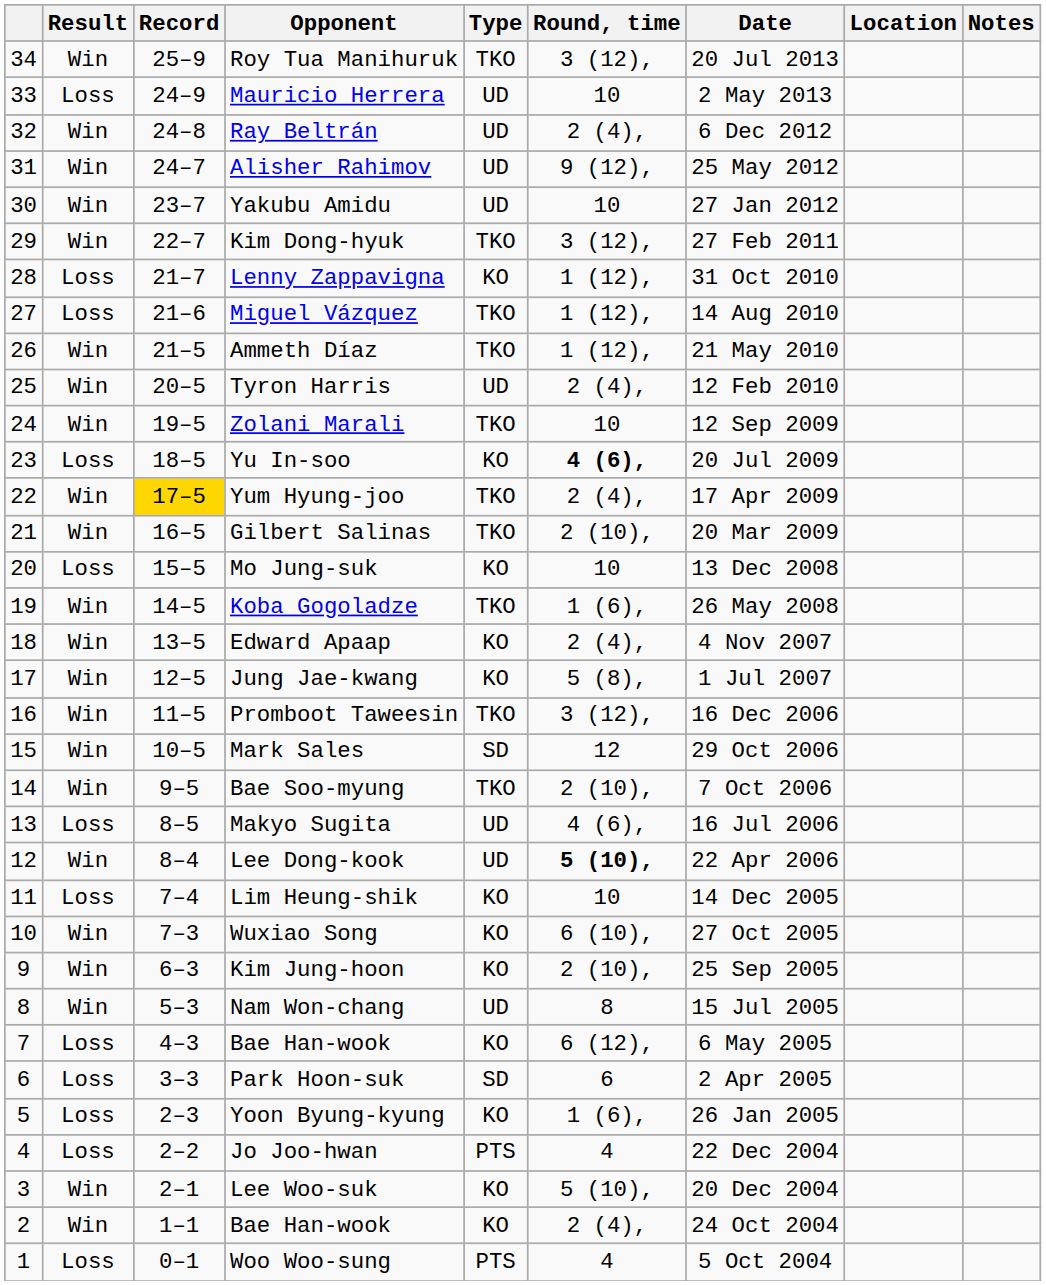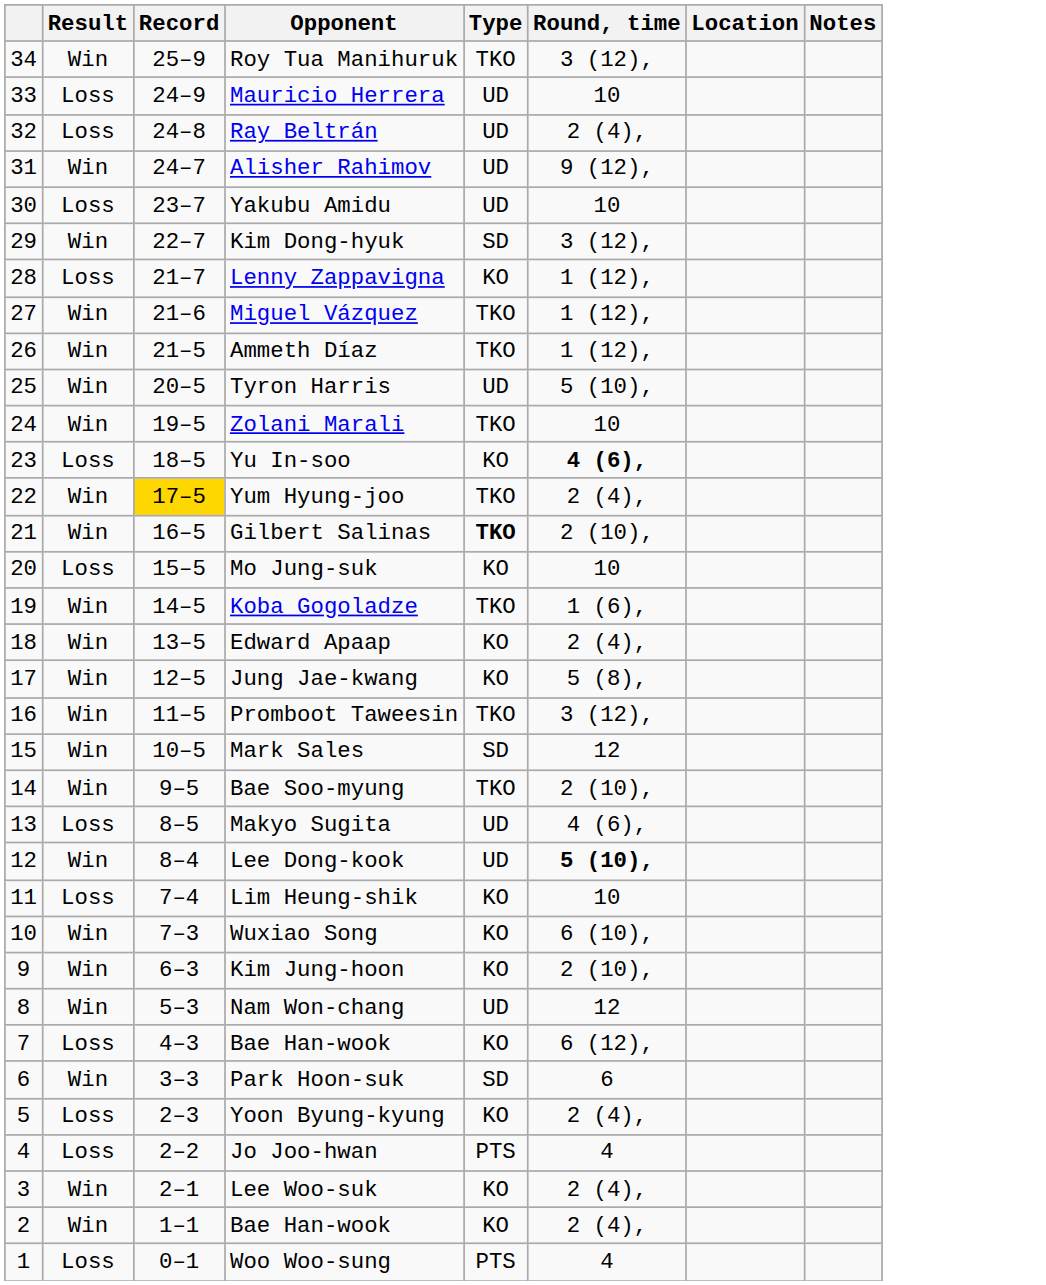 <table class="wikitable" style="text-align:center">
 <tr>
 <th></th>
 <th>Result</th>
 <th>Record</th>
 <th>Opponent</th>
 <th>Type</th>
 <th>Round, time</th>
-<th>Date</th>
 <th>Location</th>
 <th>Notes</th>
 </tr>
 <tr>
 <td>34</td>
 <td>Win</td>
 <td>25–9</td>
 <td style="text-align:left;">Roy Tua Manihuruk</td>
 <td>TKO</td>
 <td>3 (12), </td>
-<td>20 Jul 2013</td>
 <td style="text-align:left;"></td>
 <td style="text-align:left;"></td>
 </tr>
 <tr>
 <td>33</td>
 <td>Loss</td>
 <td>24–9</td>
 <td style="text-align:left;"><a href='#'>Mauricio Herrera</a></td>
 <td>UD</td>
 <td>10</td>
-<td>2 May 2013</td>
 <td style="text-align:left;"></td>
 <td></td>
 </tr>
 <tr>
 <td>32</td>
-<td>Win</td>
+<td>Loss</td>
 <td>24–8</td>
 <td style="text-align:left;"><a href='#'>Ray Beltrán</a></td>
 <td>UD</td>
 <td>2 (4), </td>
-<td>6 Dec 2012</td>
 <td style="text-align:left;"></td>
 <td style="text-align:left;"></td>
 </tr>
 <tr>
 <td>31</td>
 <td>Win</td>
 <td>24–7</td>
 <td style="text-align:left;"><a href='#'>Alisher Rahimov</a></td>
 <td>UD</td>
 <td>9 (12), </td>
-<td>25 May 2012</td>
 <td style="text-align:left;"></td>
 <td></td>
 </tr>
 <tr>
 <td>30</td>
-<td>Win</td>
+<td>Loss</td>
 <td>23–7</td>
 <td style="text-align:left;">Yakubu Amidu</td>
 <td>UD</td>
 <td>10</td>
-<td>27 Jan 2012</td>
 <td style="text-align:left;"></td>
 <td></td>
 </tr>
 <tr>
 <td>29</td>
 <td>Win</td>
 <td>22–7</td>
 <td style="text-align:left;">Kim Dong-hyuk</td>
-<td>TKO</td>
+<td>SD</td>
 <td>3 (12), </td>
-<td>27 Feb 2011</td>
 <td style="text-align:left;"></td>
 <td style="text-align:left;"></td>
 </tr>
 <tr>
 <td>28</td>
 <td>Loss</td>
 <td>21–7</td>
 <td style="text-align:left;"><a href='#'>Lenny Zappavigna</a></td>
 <td>KO</td>
 <td>1 (12), </td>
-<td>31 Oct 2010</td>
 <td style="text-align:left;"></td>
 <td></td>
 </tr>
 <tr>
 <td>27</td>
-<td>Loss</td>
+<td>Win</td>
 <td>21–6</td>
 <td style="text-align:left;"><a href='#'>Miguel Vázquez</a></td>
 <td>TKO</td>
 <td>1 (12), </td>
-<td>14 Aug 2010</td>
 <td style="text-align:left;"></td>
 <td style="text-align:left;"></td>
 </tr>
 <tr>
 <td>26</td>
 <td>Win</td>
 <td>21–5</td>
 <td style="text-align:left;">Ammeth Díaz</td>
 <td>TKO</td>
 <td>1 (12), </td>
-<td>21 May 2010</td>
 <td style="text-align:left;"></td>
 <td></td>
 </tr>
 <tr>
 <td>25</td>
 <td>Win</td>
 <td>20–5</td>
 <td style="text-align:left;">Tyron Harris</td>
 <td>UD</td>
-<td>2 (4), </td>
-<td>12 Feb 2010</td>
+<td>5 (10), </td>
 <td style="text-align:left;"></td>
 <td></td>
 </tr>
 <tr>
 <td>24</td>
 <td>Win</td>
 <td>19–5</td>
 <td style="text-align:left;"><a href='#'>Zolani Marali</a></td>
 <td>TKO</td>
 <td>10</td>
-<td>12 Sep 2009</td>
 <td style="text-align:left;"></td>
 <td style="text-align:left;"></td>
 </tr>
 <tr>
 <td>23</td>
 <td>Loss</td>
 <td>18–5</td>
 <td style="text-align:left;">Yu In-soo</td>
 <td>KO</td>
 <td><strong>4 (6), </strong></td>
-<td>20 Jul 2009</td>
 <td style="text-align:left;"></td>
 <td></td>
 </tr>
 <tr>
 <td>22</td>
 <td>Win</td>
 <td style="background: gold;">17–5</td>
 <td style="text-align:left;">Yum Hyung-joo</td>
 <td>TKO</td>
 <td>2 (4), </td>
-<td>17 Apr 2009</td>
 <td style="text-align:left;"></td>
 <td></td>
 </tr>
 <tr>
 <td>21</td>
 <td>Win</td>
 <td>16–5</td>
 <td style="text-align:left;">Gilbert Salinas</td>
-<td>TKO</td>
+<td><strong>TKO</strong></td>
 <td>2 (10), </td>
-<td>20 Mar 2009</td>
 <td style="text-align:left;"></td>
 <td></td>
 </tr>
 <tr>
 <td>20</td>
 <td>Loss</td>
 <td>15–5</td>
 <td style="text-align:left;">Mo Jung-suk</td>
 <td>KO</td>
 <td>10</td>
-<td>13 Dec 2008</td>
 <td style="text-align:left;"></td>
 <td></td>
 </tr>
 <tr>
 <td>19</td>
 <td>Win</td>
 <td>14–5</td>
 <td style="text-align:left;"><a href='#'>Koba Gogoladze</a></td>
 <td>TKO</td>
 <td>1 (6), </td>
-<td>26 May 2008</td>
 <td style="text-align:left;"></td>
 <td></td>
 </tr>
 <tr>
 <td>18</td>
 <td>Win</td>
 <td>13–5</td>
 <td style="text-align:left;">Edward Apaap</td>
 <td>KO</td>
 <td>2 (4), </td>
-<td>4 Nov 2007</td>
 <td style="text-align:left;"></td>
 <td style="text-align:left;"></td>
 </tr>
 <tr>
 <td>17</td>
 <td>Win</td>
 <td>12–5</td>
 <td style="text-align:left;">Jung Jae-kwang</td>
 <td>KO</td>
 <td>5 (8), </td>
-<td>1 Jul 2007</td>
 <td style="text-align:left;"></td>
 <td style="text-align:left;"></td>
 </tr>
 <tr>
 <td>16</td>
 <td>Win</td>
 <td>11–5</td>
 <td style="text-align:left;">Promboot Taweesin</td>
 <td>TKO</td>
 <td>3 (12), </td>
-<td>16 Dec 2006</td>
 <td style="text-align:left;"></td>
 <td style="text-align:left;"></td>
 </tr>
 <tr>
 <td>15</td>
 <td>Win</td>
 <td>10–5</td>
 <td style="text-align:left;">Mark Sales</td>
 <td>SD</td>
 <td>12</td>
-<td>29 Oct 2006</td>
 <td style="text-align:left;"></td>
 <td style="text-align:left;"></td>
 </tr>
 <tr>
 <td>14</td>
 <td>Win</td>
 <td>9–5</td>
 <td style="text-align:left;">Bae Soo-myung</td>
 <td>TKO</td>
 <td>2 (10), </td>
-<td>7 Oct 2006</td>
 <td style="text-align:left;"></td>
 <td style="text-align:left;"></td>
 </tr>
 <tr>
 <td>13</td>
 <td>Loss</td>
 <td>8–5</td>
 <td style="text-align:left;">Makyo Sugita</td>
 <td>UD</td>
 <td>4 (6), </td>
-<td>16 Jul 2006</td>
 <td style="text-align:left;"></td>
 <td></td>
 </tr>
 <tr>
 <td>12</td>
 <td>Win</td>
 <td>8–4</td>
 <td style="text-align:left;">Lee Dong-kook</td>
 <td>UD</td>
 <td><strong>5 (10), </strong></td>
-<td>22 Apr 2006</td>
 <td style="text-align:left;"></td>
 <td style="text-align:left;"></td>
 </tr>
 <tr>
 <td>11</td>
 <td>Loss</td>
 <td>7–4</td>
 <td style="text-align:left;">Lim Heung-shik</td>
 <td>KO</td>
 <td>10</td>
-<td>14 Dec 2005</td>
 <td style="text-align:left;"></td>
 <td></td>
 </tr>
 <tr>
 <td>10</td>
 <td>Win</td>
 <td>7–3</td>
 <td style="text-align:left;">Wuxiao Song</td>
 <td>KO</td>
 <td>6 (10), </td>
-<td>27 Oct 2005</td>
 <td style="text-align:left;"></td>
 <td></td>
 </tr>
 <tr>
 <td>9</td>
 <td>Win</td>
 <td>6–3</td>
 <td style="text-align:left;">Kim Jung-hoon</td>
 <td>KO</td>
 <td>2 (10), </td>
-<td>25 Sep 2005</td>
 <td style="text-align:left;"></td>
 <td style="text-align:left;"></td>
 </tr>
 <tr>
 <td>8</td>
 <td>Win</td>
 <td>5–3</td>
 <td style="text-align:left;">Nam Won-chang</td>
 <td>UD</td>
-<td>8</td>
-<td>15 Jul 2005</td>
+<td>12</td>
 <td style="text-align:left;"></td>
 <td></td>
 </tr>
 <tr>
 <td>7</td>
 <td>Loss</td>
 <td>4–3</td>
 <td style="text-align:left;">Bae Han-wook</td>
 <td>KO</td>
 <td>6 (12), </td>
-<td>6 May 2005</td>
 <td style="text-align:left;"></td>
 <td></td>
 </tr>
 <tr>
 <td>6</td>
-<td>Loss</td>
+<td>Win</td>
 <td>3–3</td>
 <td style="text-align:left;">Park Hoon-suk</td>
 <td>SD</td>
 <td>6</td>
-<td>2 Apr 2005</td>
 <td style="text-align:left;"></td>
 <td></td>
 </tr>
 <tr>
 <td>5</td>
 <td>Loss</td>
 <td>2–3</td>
 <td style="text-align:left;">Yoon Byung-kyung</td>
 <td>KO</td>
-<td>1 (6), </td>
-<td>26 Jan 2005</td>
+<td>2 (4), </td>
 <td style="text-align:left;"></td>
 <td></td>
 </tr>
 <tr>
 <td>4</td>
 <td>Loss</td>
 <td>2–2</td>
 <td style="text-align:left;">Jo Joo-hwan</td>
 <td>PTS</td>
 <td>4</td>
-<td>22 Dec 2004</td>
 <td style="text-align:left;"></td>
 <td></td>
 </tr>
 <tr>
 <td>3</td>
 <td>Win</td>
 <td>2–1</td>
 <td style="text-align:left;">Lee Woo-suk</td>
 <td>KO</td>
-<td>5 (10), </td>
-<td>20 Dec 2004</td>
+<td>2 (4), </td>
 <td style="text-align:left;"></td>
 <td></td>
 </tr>
 <tr>
 <td>2</td>
 <td>Win</td>
 <td>1–1</td>
 <td style="text-align:left;">Bae Han-wook</td>
 <td>KO</td>
 <td>2 (4), </td>
-<td>24 Oct 2004</td>
 <td style="text-align:left;"></td>
 <td></td>
 </tr>
 <tr>
 <td>1</td>
 <td>Loss</td>
 <td>0–1</td>
 <td style="text-align:left;">Woo Woo-sung</td>
 <td>PTS</td>
 <td>4</td>
-<td>5 Oct 2004</td>
 <td style="text-align:left;"></td>
 <td></td>
 </tr>
 </table>
